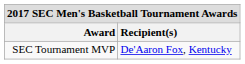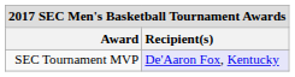 <table class="wikitable" style="white-space:nowrap; font-size:90%;">
 <tr>
 <td colspan="7" style="text-align:center; background:#ddd;"><strong>2017 SEC Men's Basketball Tournament Awards</strong> </td>
 </tr>
 <tr>
 <th style="text-align:right;">Award</th>
 <th style="text-align:left;">Recipient(s)</th>
 </tr>
 <tr>
 <td style="text-align:right;">SEC Tournament MVP</td>
-<td style="text-align:left;"><a href='#'>De'Aaron Fox</a>, <a href='#'>Kentucky</a></td>
+<td style="background: lavender; text-align:left;"><a href='#'>De'Aaron Fox</a>, <a href='#'>Kentucky</a></td>
 </tr>
 </table>
